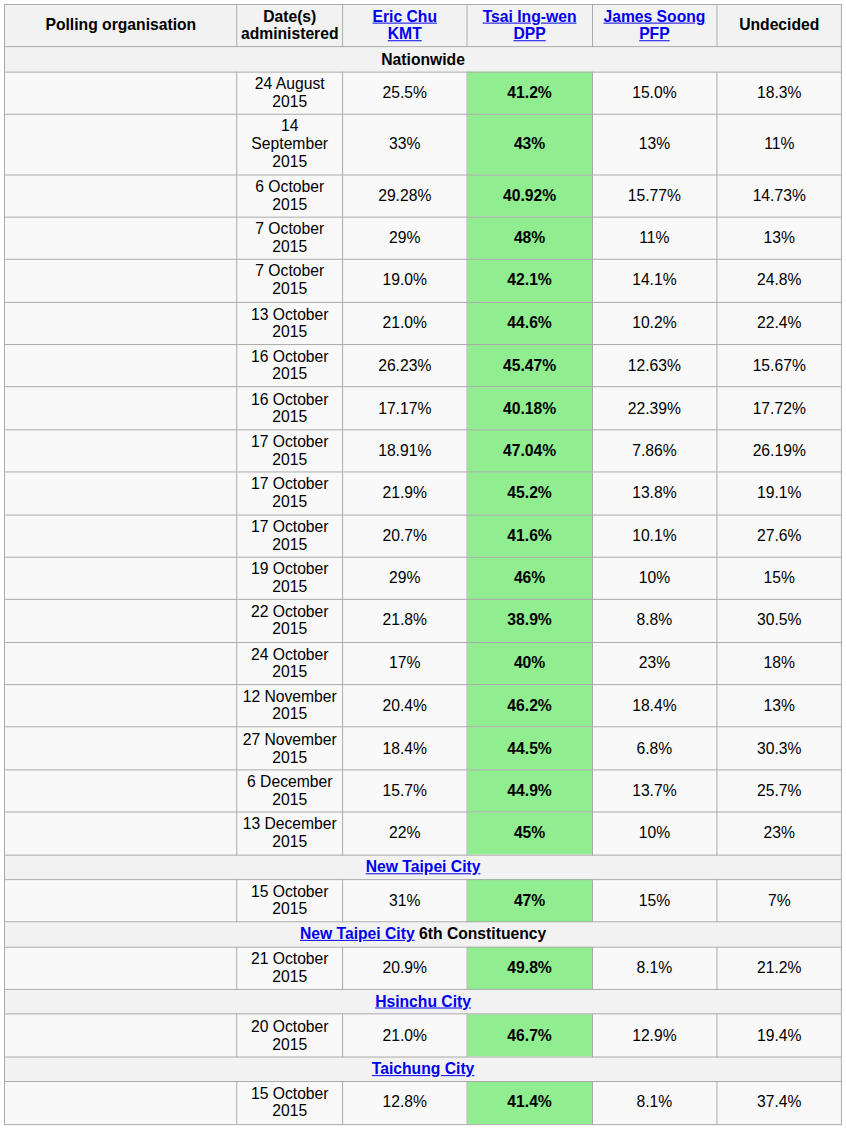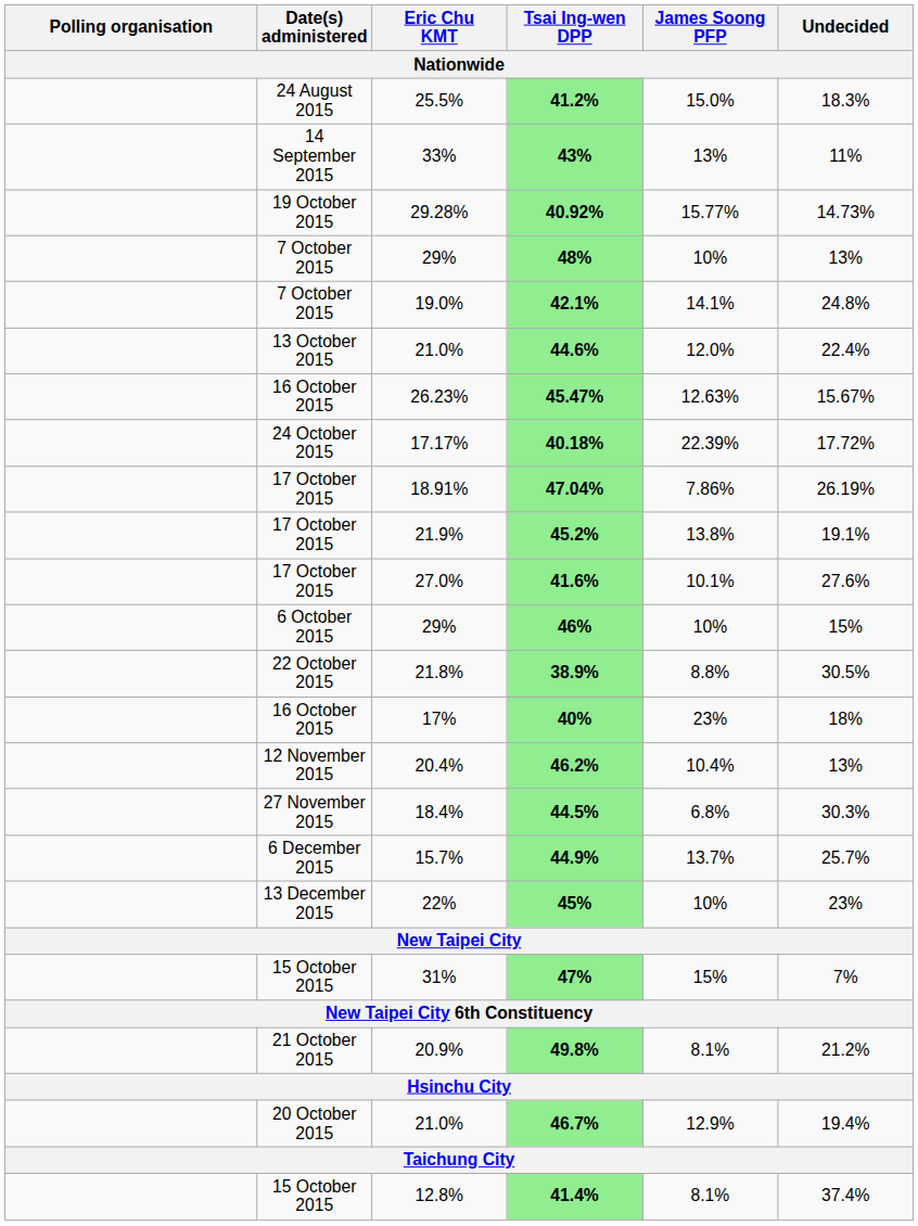 <table class="wikitable sortable" style=text-align:center>
 <tr>
 <th width=230px>Polling organisation</th>
 <th width=100px>Date(s)<br>administered</th>
 <th style="width:120px;"><a href='#'>Eric Chu</a><br><a href='#'>KMT</a></th>
 <th style="width:120px;"><a href='#'>Tsai Ing-wen</a><br><a href='#'>DPP</a></th>
 <th style="width:120px;"><a href='#'>James Soong</a><br><a href='#'>PFP</a></th>
 <th style="width:120px;">Undecided</th>
 </tr>
 <tr>
 <th colspan="6" width=720>Nationwide</th>
 </tr>
 <tr>
 <td align=left></td>
 <td>24 August 2015</td>
 <td>25.5%</td>
 <td style="background-color:#90ED90; "><strong>41.2%</strong></td>
 <td>15.0%</td>
 <td>18.3%</td>
 </tr>
 <tr>
 <td align=left></td>
 <td>14 September 2015</td>
 <td>33%</td>
 <td style="background-color:#90ED90; "><strong>43%</strong></td>
 <td>13%</td>
 <td>11%</td>
 </tr>
 <tr>
 <td align=left></td>
-<td>6 October 2015</td>
+<td>19 October 2015</td>
 <td>29.28%</td>
 <td style="background-color:#90ED90; "><strong>40.92%</strong></td>
 <td>15.77%</td>
 <td>14.73%</td>
 </tr>
 <tr>
 <td align=left></td>
 <td>7 October 2015</td>
 <td>29%</td>
 <td style="background-color:#90ED90; "><strong>48%</strong></td>
-<td>11%</td>
+<td>10%</td>
 <td>13%</td>
 </tr>
 <tr>
 <td align=left></td>
 <td>7 October 2015</td>
 <td>19.0%</td>
 <td style="background-color:#90ED90;"><strong>42.1%</strong></td>
 <td>14.1%</td>
 <td>24.8%</td>
 </tr>
 <tr>
 <td align=left></td>
 <td>13 October 2015</td>
 <td>21.0%</td>
 <td style="background-color:#90ED90; "><strong>44.6%</strong></td>
-<td>10.2%</td>
+<td>12.0%</td>
 <td>22.4%</td>
 </tr>
 <tr>
 <td align=left></td>
 <td>16 October 2015</td>
 <td>26.23%</td>
 <td style="background-color:#90ED90; "><strong>45.47%</strong></td>
 <td>12.63%</td>
 <td>15.67%</td>
 </tr>
 <tr>
 <td align=left></td>
-<td>16 October 2015</td>
+<td>24 October 2015</td>
 <td>17.17%</td>
 <td style="background-color:#90ED90; "><strong>40.18%</strong></td>
 <td>22.39%</td>
 <td>17.72%</td>
 </tr>
 <tr>
 <td align=left></td>
 <td>17 October 2015</td>
 <td>18.91%</td>
 <td style="background-color:#90ED90; "><strong>47.04%</strong></td>
 <td>7.86%</td>
 <td>26.19%</td>
 </tr>
 <tr>
 <td align=left></td>
 <td>17 October 2015</td>
 <td>21.9%</td>
 <td style="background-color:#90ED90; "><strong>45.2%</strong></td>
 <td>13.8%</td>
 <td>19.1%</td>
 </tr>
 <tr>
 <td align=left></td>
 <td>17 October 2015</td>
-<td>20.7%</td>
+<td>27.0%</td>
 <td style="background-color:#90ED90; "><strong>41.6%</strong></td>
 <td>10.1%</td>
 <td>27.6%</td>
 </tr>
 <tr>
 <td align=left></td>
-<td>19 October 2015</td>
+<td>6 October 2015</td>
 <td>29%</td>
 <td style="background-color:#90ED90; "><strong>46%</strong></td>
 <td>10%</td>
 <td>15%</td>
 </tr>
 <tr>
 <td align=left></td>
 <td>22 October 2015</td>
 <td>21.8%</td>
 <td style="background-color:#90ED90; "><strong>38.9%</strong></td>
 <td>8.8%</td>
 <td>30.5%</td>
 </tr>
 <tr>
 <td align=left></td>
-<td>24 October 2015</td>
+<td>16 October 2015</td>
 <td>17%</td>
 <td style="background-color:#90ED90; "><strong>40%</strong></td>
 <td>23%</td>
 <td>18%</td>
 </tr>
 <tr>
 <td align=left></td>
 <td>12 November 2015</td>
 <td>20.4%</td>
 <td style="background-color:#90ED90; "><strong>46.2%</strong></td>
-<td>18.4%</td>
+<td>10.4%</td>
 <td>13%</td>
 </tr>
 <tr>
 <td align=left></td>
 <td>27 November 2015</td>
 <td>18.4%</td>
 <td style="background-color:#90ED90; "><strong>44.5%</strong></td>
 <td>6.8%</td>
 <td>30.3%</td>
 </tr>
 <tr>
 <td align=left></td>
 <td>6 December 2015</td>
 <td>15.7%</td>
 <td style="background-color:#90ED90;"><strong>44.9%</strong></td>
 <td>13.7%</td>
 <td>25.7%</td>
 </tr>
 <tr>
 <td align=left></td>
 <td>13 December 2015</td>
 <td>22%</td>
 <td style="background-color:#90ED90; "><strong>45%</strong></td>
 <td>10%</td>
 <td>23%</td>
 </tr>
 <tr>
 <th colspan="6" width=720><a href='#'>New Taipei City</a></th>
 </tr>
 <tr>
 <td align=left></td>
 <td>15 October 2015</td>
 <td>31%</td>
 <td style="background-color:#90ED90; "><strong>47%</strong></td>
 <td>15%</td>
 <td>7%</td>
 </tr>
 <tr>
 <th colspan="6" width=720><a href='#'>New Taipei City</a> 6th Constituency</th>
 </tr>
 <tr>
 <td align=left></td>
 <td>21 October 2015</td>
 <td>20.9%</td>
 <td style="background-color:#90ED90; "><strong>49.8%</strong></td>
 <td>8.1%</td>
 <td>21.2%</td>
 </tr>
 <tr>
 <th colspan="6" width=720><a href='#'>Hsinchu City</a></th>
 </tr>
 <tr>
 <td align=left></td>
 <td>20 October 2015</td>
 <td>21.0%</td>
 <td style="background-color:#90ED90;"><strong>46.7%</strong></td>
 <td>12.9%</td>
 <td>19.4%</td>
 </tr>
 <tr>
 <th colspan="6" width=720><a href='#'>Taichung City</a></th>
 </tr>
 <tr>
 <td align=left></td>
 <td>15 October 2015</td>
 <td>12.8%</td>
 <td style="background-color:#90ED90; "><strong>41.4%</strong></td>
 <td>8.1%</td>
 <td>37.4%</td>
 </tr>
 </table>
